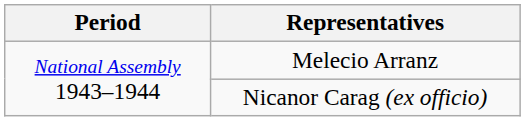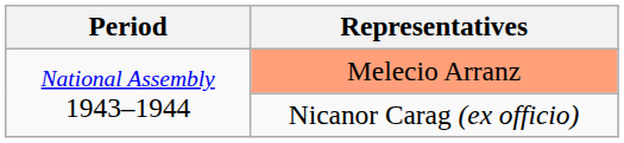 <table class="wikitable" style="text-align:center; width:40%;">
 <tr>
 <th width="40%">Period</th>
 <th>Representatives</th>
 </tr>
 <tr>
 <td rowspan="2"><small><a href='#'><em>National Assembly</em></a></small><br>1943–1944</td>
-<td>Melecio Arranz</td>
+<td style="background: lightsalmon;">Melecio Arranz</td>
 </tr>
 <tr>
 <td>Nicanor Carag <em>(ex officio)</em></td>
 </tr>
 </table>
